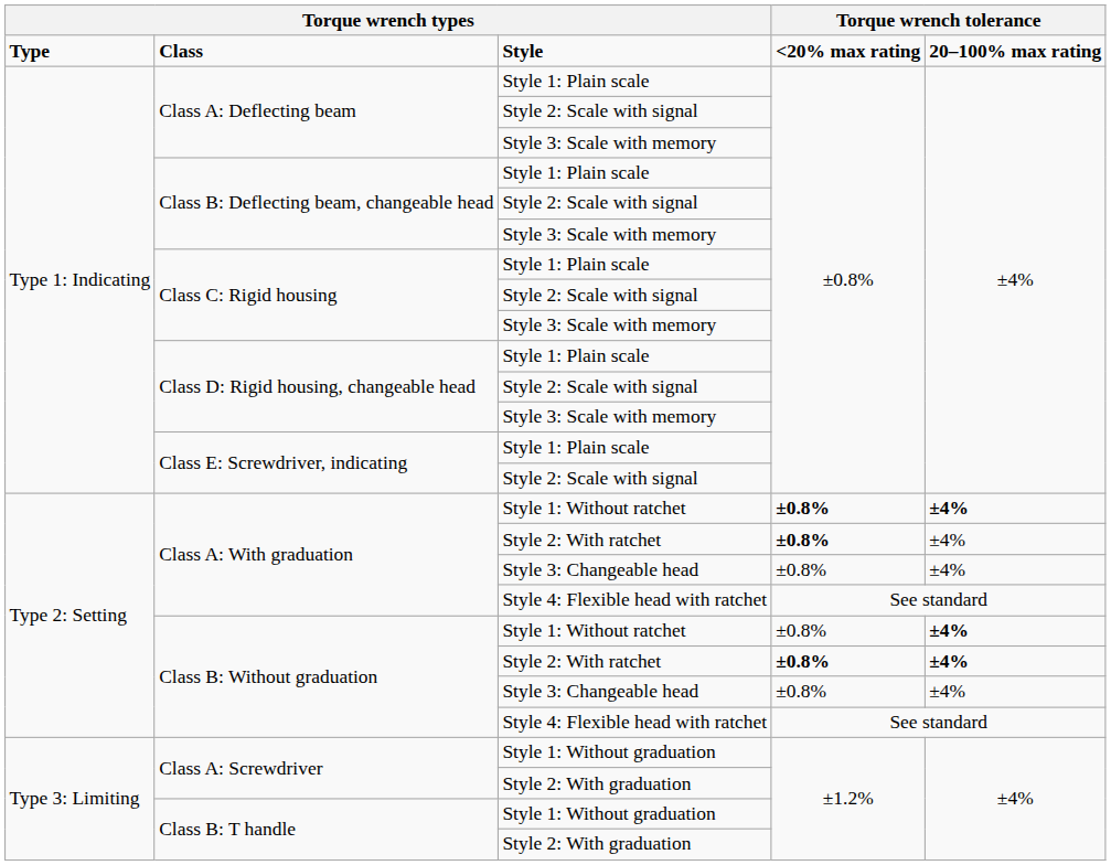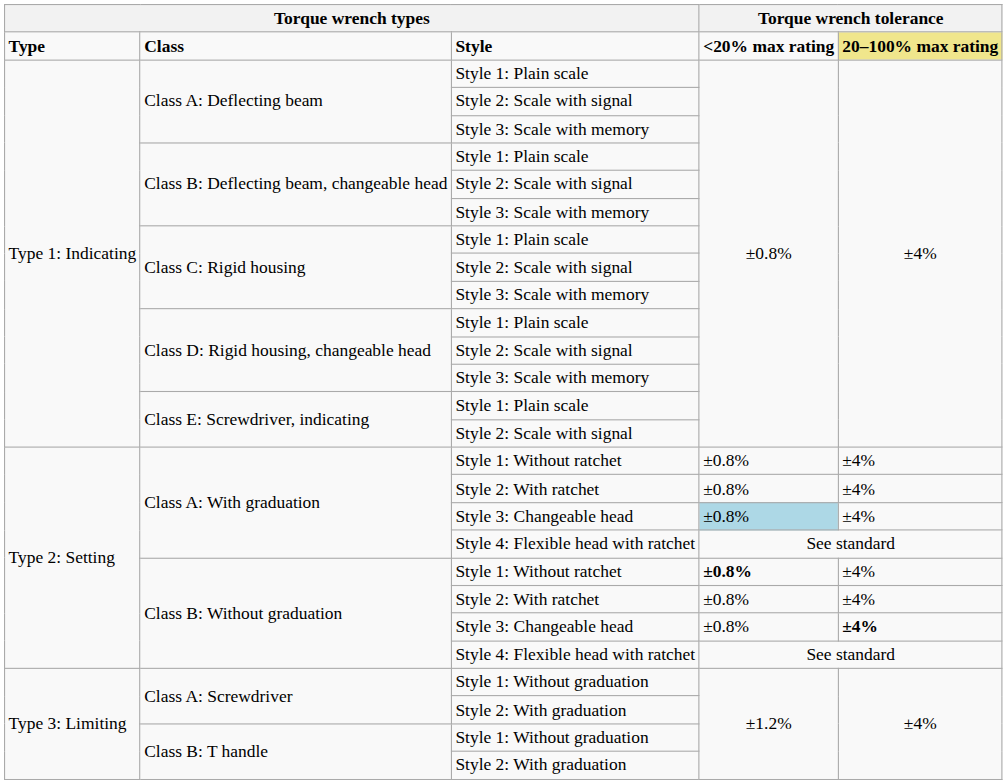 <table class="wikitable">
 <tr>
 <th colspan="3" style="text-align: center; font-weight: bold;">Torque wrench types</th>
 <th colspan="2" style="text-align: center; font-weight: bold;">Torque wrench tolerance</th>
 </tr>
 <tr>
 <td style="font-weight: bold;">Type</td>
 <td style="font-weight: bold;">Class</td>
 <td style="font-weight: bold;">Style</td>
 <td style="font-weight: bold;"><20% max rating</td>
-<td style="font-weight: bold;">20–100% max rating</td>
+<td style="background: khaki; font-weight: bold;">20–100% max rating</td>
 </tr>
 <tr>
 <td rowspan="14">Type 1: Indicating</td>
 <td rowspan="3">Class A: Deflecting beam</td>
 <td>Style 1: Plain scale</td>
 <td rowspan="14" style="text-align: center;">±0.8%</td>
 <td rowspan="14" style="text-align: center;">±4%</td>
 </tr>
 <tr>
 <td>Style 2: Scale with signal</td>
 </tr>
 <tr>
 <td>Style 3: Scale with memory</td>
 </tr>
 <tr>
 <td rowspan="3">Class B: Deflecting beam, changeable head</td>
 <td>Style 1: Plain scale</td>
 </tr>
 <tr>
 <td>Style 2: Scale with signal</td>
 </tr>
 <tr>
 <td>Style 3: Scale with memory</td>
 </tr>
 <tr>
 <td rowspan="3">Class C: Rigid housing</td>
 <td>Style 1: Plain scale</td>
 </tr>
 <tr>
 <td>Style 2: Scale with signal</td>
 </tr>
 <tr>
 <td>Style 3: Scale with memory</td>
 </tr>
 <tr>
 <td rowspan="3">Class D: Rigid housing, changeable head</td>
 <td>Style 1: Plain scale</td>
 </tr>
 <tr>
 <td>Style 2: Scale with signal</td>
 </tr>
 <tr>
 <td>Style 3: Scale with memory</td>
 </tr>
 <tr>
 <td rowspan="2">Class E: Screwdriver, indicating</td>
 <td>Style 1: Plain scale</td>
 </tr>
 <tr>
 <td>Style 2: Scale with signal</td>
 </tr>
 <tr>
 <td rowspan="8">Type 2: Setting</td>
 <td rowspan="4">Class A: With graduation</td>
 <td>Style 1: Without ratchet</td>
-<td><strong>±0.8%</strong></td>
-<td><strong>±4%</strong></td>
+<td>±0.8%</td>
+<td>±4%</td>
 </tr>
 <tr>
 <td>Style 2: With ratchet</td>
-<td><strong>±0.8%</strong></td>
+<td>±0.8%</td>
 <td>±4%</td>
 </tr>
 <tr>
 <td>Style 3: Changeable head</td>
-<td>±0.8%</td>
+<td style="background: lightblue;">±0.8%</td>
 <td>±4%</td>
 </tr>
 <tr>
 <td>Style 4: Flexible head with ratchet</td>
 <td colspan="2" style="text-align: center;">See standard</td>
 </tr>
 <tr>
 <td rowspan="4">Class B: Without graduation</td>
 <td>Style 1: Without ratchet</td>
-<td>±0.8%</td>
-<td><strong>±4%</strong></td>
+<td><strong>±0.8%</strong></td>
+<td>±4%</td>
 </tr>
 <tr>
 <td>Style 2: With ratchet</td>
-<td><strong>±0.8%</strong></td>
-<td><strong>±4%</strong></td>
+<td>±0.8%</td>
+<td>±4%</td>
 </tr>
 <tr>
 <td>Style 3: Changeable head</td>
 <td>±0.8%</td>
-<td>±4%</td>
+<td><strong>±4%</strong></td>
 </tr>
 <tr>
 <td>Style 4: Flexible head with ratchet</td>
 <td colspan="2" style="text-align: center;">See standard</td>
 </tr>
 <tr>
 <td rowspan="4">Type 3: Limiting</td>
 <td rowspan="2">Class A: Screwdriver</td>
 <td>Style 1: Without graduation</td>
 <td rowspan="4" style="text-align: center;">±1.2%</td>
 <td rowspan="4" style="text-align: center;">±4%</td>
 </tr>
 <tr>
 <td>Style 2: With graduation</td>
 </tr>
 <tr>
 <td rowspan="2">Class B: T handle</td>
 <td>Style 1: Without graduation</td>
 </tr>
 <tr>
 <td>Style 2: With graduation</td>
 </tr>
 </table>
